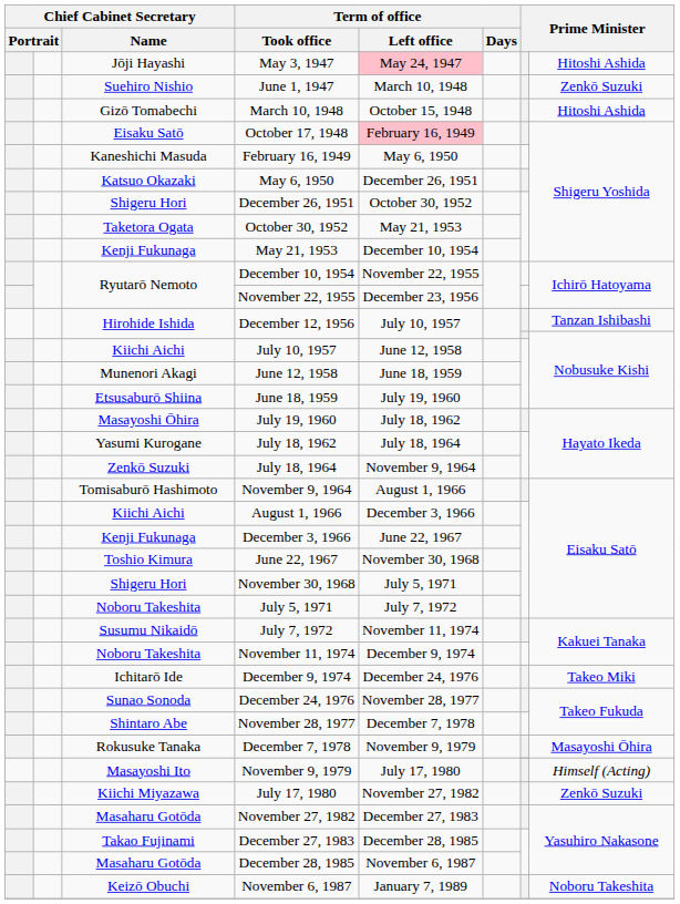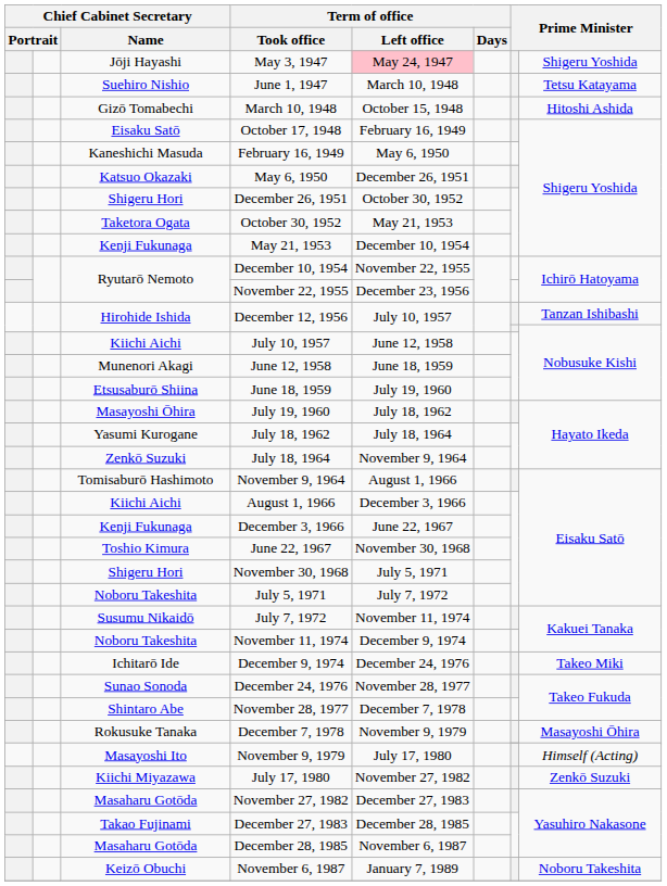 <table class="wikitable"  style="text-align:center">
 <tr>
 <th colspan=3>Chief Cabinet Secretary</th>
 <th colspan=3>Term of office</th>
 <th style="width:160px;" rowspan=2 colspan=2>Prime Minister</th>
 </tr>
 <tr>
 <th colspan=2>Portrait</th>
 <th width="180">Name</th>
 <th>Took office</th>
 <th>Left office</th>
 <th>Days</th>
 </tr>
 <tr>
 <th style="background-color: "></th>
 <td></td>
 <td>Jōji Hayashi</td>
 <td>May 3, 1947</td>
 <td style="background: pink;">May 24, 1947</td>
 <td></td>
 <th style="background-color: "></th>
-<td><a href='#'>Hitoshi Ashida</a></td>
+<td><a href='#'>Shigeru Yoshida</a></td>
 </tr>
 <tr>
 <th style="background-color: "></th>
 <td></td>
 <td><a href='#'>Suehiro Nishio</a></td>
 <td>June 1, 1947</td>
 <td>March 10, 1948</td>
 <td></td>
 <th style="background-color: "></th>
-<td><a href='#'>Zenkō Suzuki</a></td>
+<td><a href='#'>Tetsu Katayama</a></td>
 </tr>
 <tr>
 <th style="background-color: "></th>
 <td></td>
 <td>Gizō Tomabechi</td>
 <td>March 10, 1948</td>
 <td>October 15, 1948</td>
 <td></td>
 <th style="background-color: "></th>
 <td><a href='#'>Hitoshi Ashida</a></td>
 </tr>
 <tr>
 <th style="background-color: "></th>
 <td></td>
 <td><a href='#'>Eisaku Satō</a></td>
 <td>October 17, 1948</td>
-<td style="background: pink;">February 16, 1949</td>
+<td>February 16, 1949</td>
 <td></td>
 <th style="background-color: "></th>
 <td rowspan=6><a href='#'>Shigeru Yoshida</a></td>
 </tr>
 <tr>
 <th style="background-color: "></th>
 <td></td>
 <td>Kaneshichi Masuda</td>
 <td>February 16, 1949</td>
 <td>May 6, 1950</td>
 <td></td>
 </tr>
 <tr>
 <th style="background-color: "></th>
 <td></td>
 <td><a href='#'>Katsuo Okazaki</a></td>
 <td>May 6, 1950</td>
 <td>December 26, 1951</td>
 <td></td>
 <th style="background-color: "></th>
 </tr>
 <tr>
 <th style="background-color: "></th>
 <td></td>
 <td><a href='#'>Shigeru Hori</a></td>
 <td>December 26, 1951</td>
 <td>October 30, 1952</td>
 <td></td>
 </tr>
 <tr>
 <th style="background-color: "></th>
 <td></td>
 <td><a href='#'>Taketora Ogata</a></td>
 <td>October 30, 1952</td>
 <td>May 21, 1953</td>
 <td></td>
 </tr>
 <tr>
 <th style="background-color: "></th>
 <td></td>
 <td><a href='#'>Kenji Fukunaga</a></td>
 <td>May 21, 1953</td>
 <td>December 10, 1954</td>
 <td></td>
 </tr>
 <tr>
 <th style="background-color: "></th>
 <td rowspan=2></td>
 <td rowspan=2>Ryutarō Nemoto</td>
 <td>December 10, 1954</td>
 <td>November 22, 1955</td>
 <td rowspan=2></td>
 <td style="background-color: "></td>
 <td rowspan=2><a href='#'>Ichirō Hatoyama</a></td>
 </tr>
 <tr>
 <th style="background-color: "></th>
 <td>November 22, 1955</td>
 <td>December 23, 1956</td>
 <td style="background-color: "></td>
 </tr>
 <tr>
 <td rowspan=2 style="background-color: "></td>
 <td rowspan=2></td>
 <td rowspan=2><a href='#'>Hirohide Ishida</a></td>
 <td rowspan=2>December 12, 1956</td>
 <td rowspan=2>July 10, 1957</td>
 <td rowspan=2></td>
 <th style="background-color: "></th>
 <td><a href='#'>Tanzan Ishibashi</a></td>
 </tr>
 <tr>
 <th style="background-color: "></th>
 <td rowspan=4><a href='#'>Nobusuke Kishi</a></td>
 </tr>
 <tr>
 <th style="background-color: "></th>
 <td></td>
 <td><a href='#'>Kiichi Aichi</a></td>
 <td>July 10, 1957</td>
 <td>June 12, 1958</td>
 <td></td>
 </tr>
 <tr>
 <th style="background-color: "></th>
 <td></td>
 <td>Munenori Akagi</td>
 <td>June 12, 1958</td>
 <td>June 18, 1959</td>
 <td></td>
 </tr>
 <tr>
 <th style="background-color: "></th>
 <td></td>
 <td><a href='#'>Etsusaburō Shiina</a></td>
 <td>June 18, 1959</td>
 <td>July 19, 1960</td>
 <td></td>
 </tr>
 <tr>
 <th style="background-color: "></th>
 <td></td>
 <td><a href='#'>Masayoshi Ōhira</a></td>
 <td>July 19, 1960</td>
 <td>July 18, 1962</td>
 <td></td>
 <th style="background-color: "></th>
 <td rowspan=3><a href='#'>Hayato Ikeda</a></td>
 </tr>
 <tr>
 <th style="background-color: "></th>
 <td></td>
 <td>Yasumi Kurogane</td>
 <td>July 18, 1962</td>
 <td>July 18, 1964</td>
 <td></td>
 </tr>
 <tr>
 <th style="background-color: "></th>
 <td></td>
 <td><a href='#'>Zenkō Suzuki</a></td>
 <td>July 18, 1964</td>
 <td>November 9, 1964</td>
 <td></td>
 </tr>
 <tr>
 <th style="background-color: "></th>
 <td></td>
 <td>Tomisaburō Hashimoto</td>
 <td>November 9, 1964</td>
 <td>August 1, 1966</td>
 <td></td>
 <th style="background-color: "></th>
 <td rowspan=6><a href='#'>Eisaku Satō</a></td>
 </tr>
 <tr>
 <th style="background-color: "></th>
 <td></td>
 <td><a href='#'>Kiichi Aichi</a></td>
 <td>August 1, 1966</td>
 <td>December 3, 1966</td>
 <td></td>
 </tr>
 <tr>
 <th style="background-color: "></th>
 <td></td>
 <td><a href='#'>Kenji Fukunaga</a></td>
 <td>December 3, 1966</td>
 <td>June 22, 1967</td>
 <td></td>
 </tr>
 <tr>
 <th style="background-color: "></th>
 <td></td>
 <td><a href='#'>Toshio Kimura</a></td>
 <td>June 22, 1967</td>
 <td>November 30, 1968</td>
 <td></td>
 </tr>
 <tr>
 <th style="background-color: "></th>
 <td></td>
 <td><a href='#'>Shigeru Hori</a></td>
 <td>November 30, 1968</td>
 <td>July 5, 1971</td>
 <td></td>
 </tr>
 <tr>
 <th style="background-color: "></th>
 <td></td>
 <td><a href='#'>Noboru Takeshita</a></td>
 <td>July 5, 1971</td>
 <td>July 7, 1972</td>
 <td></td>
 </tr>
 <tr>
 <th style="background-color: "></th>
 <td></td>
 <td><a href='#'>Susumu Nikaidō</a></td>
 <td>July 7, 1972</td>
 <td>November 11, 1974</td>
 <td></td>
 <th style="background-color: "></th>
 <td rowspan=2><a href='#'>Kakuei Tanaka</a></td>
 </tr>
 <tr>
 <th style="background-color: "></th>
 <td></td>
 <td><a href='#'>Noboru Takeshita</a></td>
 <td>November 11, 1974</td>
 <td>December 9, 1974</td>
 <td></td>
 </tr>
 <tr>
 <th style="background-color: "></th>
 <td></td>
 <td>Ichitarō Ide</td>
 <td>December 9, 1974</td>
 <td>December 24, 1976</td>
 <td></td>
 <th style="background-color: "></th>
 <td><a href='#'>Takeo Miki</a></td>
 </tr>
 <tr>
 <th style="background-color: "></th>
 <td></td>
 <td><a href='#'>Sunao Sonoda</a></td>
 <td>December 24, 1976</td>
 <td>November 28, 1977</td>
 <td></td>
 <th style="background-color: "></th>
 <td rowspan=2><a href='#'>Takeo Fukuda</a></td>
 </tr>
 <tr>
 <th style="background-color: "></th>
 <td></td>
 <td><a href='#'>Shintaro Abe</a></td>
 <td>November 28, 1977</td>
 <td>December 7, 1978</td>
 <td></td>
 </tr>
 <tr>
 <th style="background-color: "></th>
 <td></td>
 <td>Rokusuke Tanaka</td>
 <td>December 7, 1978</td>
 <td>November 9, 1979</td>
 <td></td>
 <th style="background-color: "></th>
 <td rowspan=2><a href='#'>Masayoshi Ōhira</a></td>
 </tr>
 <tr>
 <td rowspan=2 style="background-color:  "></td>
 <td rowspan=2></td>
 <td rowspan=2><a href='#'>Masayoshi Ito</a></td>
 <td rowspan=2>November 9, 1979</td>
 <td rowspan=2>July 17, 1980</td>
 <td rowspan=2></td>
 </tr>
 <tr>
 <th style="background-color: "></th>
 <td><em>Himself (Acting)</em></td>
 </tr>
 <tr>
 <th style="background-color: "></th>
 <td></td>
 <td><a href='#'>Kiichi Miyazawa</a></td>
 <td>July 17, 1980</td>
 <td>November 27, 1982</td>
 <td></td>
 <th style="background-color: "></th>
 <td><a href='#'>Zenkō Suzuki</a></td>
 </tr>
 <tr>
 <th style="background-color: "></th>
 <td></td>
 <td><a href='#'>Masaharu Gotōda</a></td>
 <td>November 27, 1982</td>
 <td>December 27, 1983</td>
 <td></td>
 <th style="background-color: "></th>
 <td rowspan=3><a href='#'>Yasuhiro Nakasone</a></td>
 </tr>
 <tr>
 <th style="background-color: "></th>
 <td></td>
 <td><a href='#'>Takao Fujinami</a></td>
 <td>December 27, 1983</td>
 <td>December 28, 1985</td>
 <td></td>
 </tr>
 <tr>
 <th style="background-color: "></th>
 <td></td>
 <td><a href='#'>Masaharu Gotōda</a></td>
 <td>December 28, 1985</td>
 <td>November 6, 1987</td>
 <td></td>
 </tr>
 <tr>
 <th style="background-color: "></th>
 <td></td>
 <td><a href='#'>Keizō Obuchi</a></td>
 <td>November 6, 1987</td>
 <td>January 7, 1989</td>
 <td></td>
 <th style="background-color: "></th>
 <td><a href='#'>Noboru Takeshita</a></td>
 </tr>
 <tr>
 </tr>
 </table>
